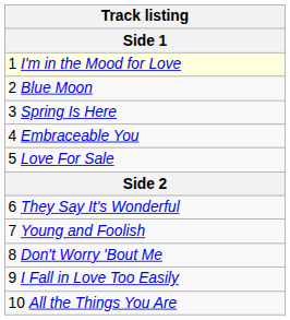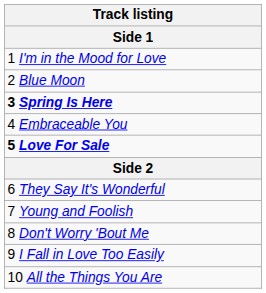 <table class="wikitable collapsible collapsed" style="width:300px;">
 <tr>
 <th>Track listing</th>
 </tr>
 <tr>
 <th>Side 1</th>
 </tr>
 <tr>
-<td style="background: lightyellow;">1 <em><a href='#'>I'm in the Mood for Love</a></em></td>
+<td>1 <em><a href='#'>I'm in the Mood for Love</a></em></td>
 </tr>
 <tr>
 <td>2  <em><a href='#'>Blue Moon</a></em></td>
 </tr>
 <tr>
-<td>3 <em><a href='#'>Spring Is Here</a></em></td>
+<td><strong>3 <em><a href='#'>Spring Is Here</a></em></strong></td>
 </tr>
 <tr>
 <td>4 <em><a href='#'>Embraceable You</a></em></td>
 </tr>
 <tr>
-<td>5 <em><a href='#'>Love For Sale</a></em></td>
+<td><strong>5 <em><a href='#'>Love For Sale</a></em></strong></td>
 </tr>
 <tr>
 <th>Side 2</th>
 </tr>
 <tr>
 <td>6 <em><a href='#'>They Say It's Wonderful</a></em></td>
 </tr>
 <tr>
 <td>7 <em><a href='#'>Young and Foolish</a></em></td>
 </tr>
 <tr>
 <td>8 <em><a href='#'>Don't Worry 'Bout Me</a></em></td>
 </tr>
 <tr>
 <td>9 <em><a href='#'>I Fall in Love Too Easily</a></em></td>
 </tr>
 <tr>
 <td>10 <em><a href='#'>All the Things You Are</a></em></td>
 </tr>
 </table>
